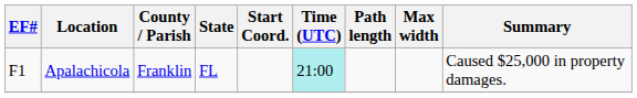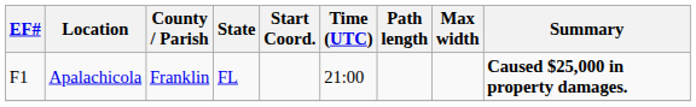 <table class="wikitable sortable" style="width:100%;">
 <tr>
 <th scope="col"  style="width:3%; text-align:center;"><a href='#'>EF#</a></th>
 <th scope="col"  style="width:7%; text-align:center;" class="unsortable">Location</th>
 <th scope="col"  style="width:6%; text-align:center;" class="unsortable">County / Parish</th>
 <th scope="col"  style="width:5%; text-align:center;">State</th>
 <th scope="col"  style="width:6%; text-align:center;">Start Coord.</th>
 <th scope="col"  style="width:6%; text-align:center;">Time (<a href='#'>UTC</a>)</th>
 <th scope="col"  style="width:6%; text-align:center;">Path length</th>
 <th scope="col"  style="width:6%; text-align:center;">Max width</th>
 <th scope="col" class="unsortable" style="width:48%; text-align:center;">Summary</th>
 </tr>
 <tr>
 <td bgcolor=>F1</td>
 <td><a href='#'>Apalachicola</a></td>
 <td><a href='#'>Franklin</a></td>
 <td><a href='#'>FL</a></td>
 <td></td>
-<td style="background: paleturquoise;">21:00</td>
+<td>21:00</td>
 <td></td>
 <td></td>
-<td>Caused $25,000 in property damages.</td>
+<td><strong>Caused $25,000 in property damages.</strong></td>
 </tr>
 <tr>
 </tr>
 </table>
